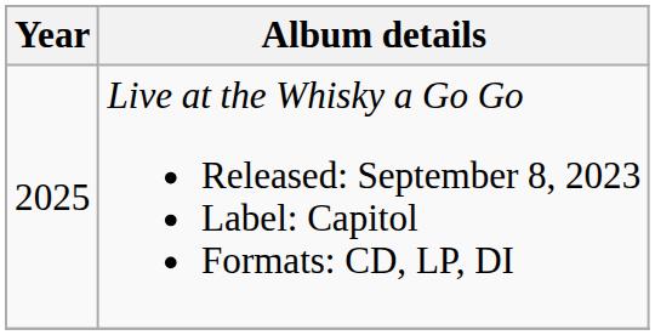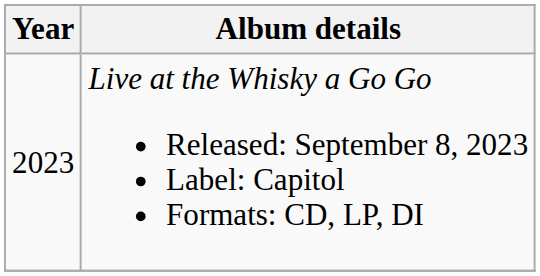 <table class ="wikitable">
 <tr>
 <th>Year</th>
 <th>Album details</th>
 </tr>
 <tr>
-<td align="center">2025</td>
+<td align="center">2023</td>
 <td><em>Live at the Whisky a Go Go</em><br><ul><li>Released: September 8, 2023</li><li>Label: Capitol</li><li>Formats: CD, LP, DI</li></ul></td>
 </tr>
 <tr>
 </tr>
 </table>
